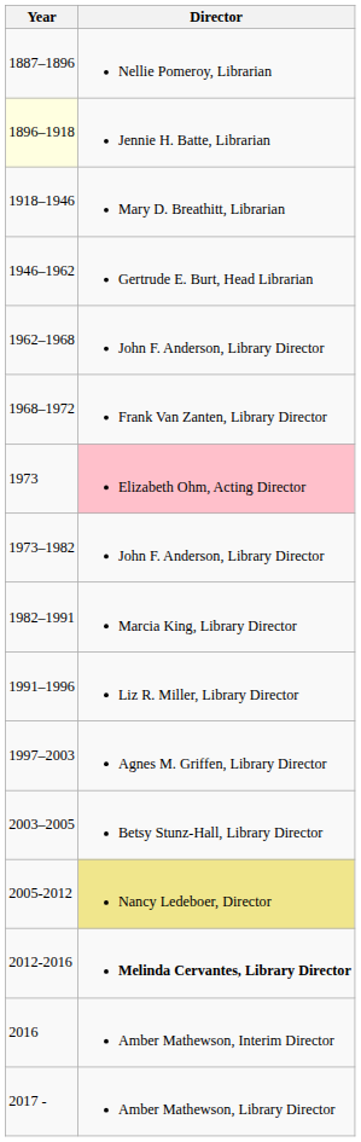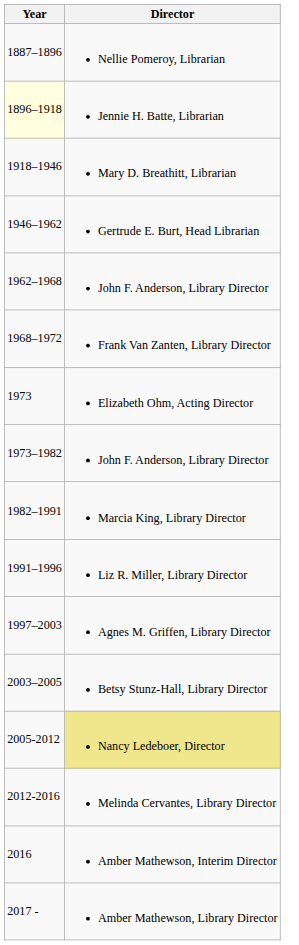 <table class="wikitable">
 <tr>
 <th>Year</th>
 <th>Director</th>
 </tr>
 <tr>
 <td>1887–1896</td>
 <td><br><ul><li>Nellie Pomeroy, Librarian</li></ul></td>
 </tr>
 <tr>
 <td style="background: lightyellow;">1896–1918</td>
 <td><br><ul><li>Jennie H. Batte, Librarian</li></ul></td>
 </tr>
 <tr>
 <td>1918–1946</td>
 <td><br><ul><li>Mary D. Breathitt, Librarian</li></ul></td>
 </tr>
 <tr>
 <td>1946–1962</td>
 <td><br><ul><li>Gertrude E. Burt, Head Librarian</li></ul></td>
 </tr>
 <tr>
 <td>1962–1968</td>
 <td><br><ul><li>John F. Anderson, Library Director</li></ul></td>
 </tr>
 <tr>
 <td>1968–1972</td>
 <td><br><ul><li>Frank Van Zanten, Library Director</li></ul></td>
 </tr>
 <tr>
 <td>1973</td>
-<td style="background: pink;"><br><ul><li>Elizabeth Ohm, Acting Director</li></ul></td>
+<td><br><ul><li>Elizabeth Ohm, Acting Director</li></ul></td>
 </tr>
 <tr>
 <td>1973–1982</td>
 <td><br><ul><li>John F. Anderson, Library Director</li></ul></td>
 </tr>
 <tr>
 <td>1982–1991</td>
 <td><br><ul><li>Marcia King, Library Director</li></ul></td>
 </tr>
 <tr>
 <td>1991–1996</td>
 <td><br><ul><li>Liz R. Miller, Library Director</li></ul></td>
 </tr>
 <tr>
 <td>1997–2003</td>
 <td><br><ul><li>Agnes M. Griffen, Library Director</li></ul></td>
 </tr>
 <tr>
 <td>2003–2005</td>
 <td><br><ul><li>Betsy Stunz-Hall, Library Director</li></ul></td>
 </tr>
 <tr>
 <td>2005-2012</td>
 <td style="background: khaki;"><br><ul><li>Nancy Ledeboer, Director</li></ul></td>
 </tr>
 <tr>
 <td>2012-2016</td>
-<td><strong><br><ul><li>Melinda Cervantes, Library Director</li></ul></strong></td>
+<td><br><ul><li>Melinda Cervantes, Library Director</li></ul></td>
 </tr>
 <tr>
 <td>2016</td>
 <td><br><ul><li>Amber Mathewson, Interim Director</li></ul></td>
 </tr>
 <tr>
 <td>2017 -</td>
 <td><br><ul><li>Amber Mathewson, Library Director</li></ul></td>
 </tr>
 </table>
